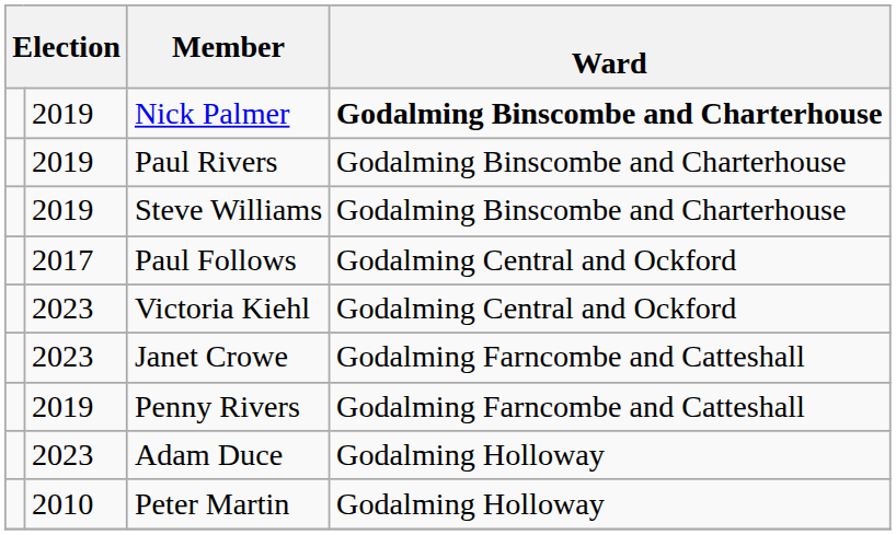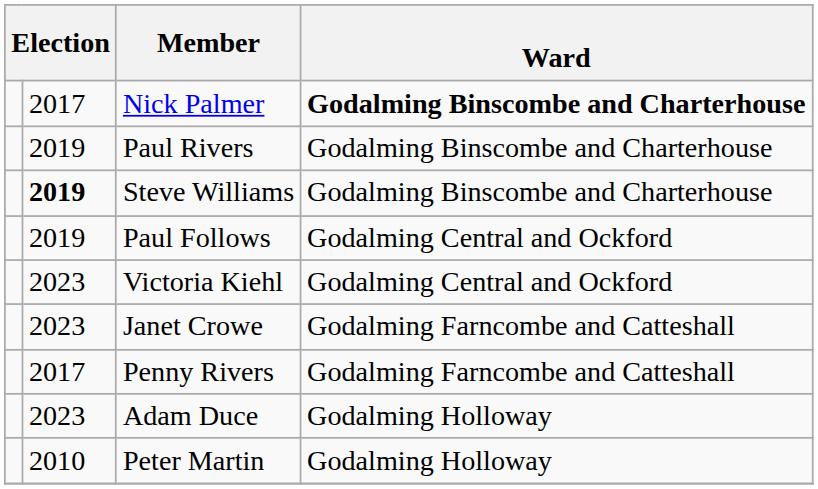 <table class="wikitable">
 <tr>
 <th colspan="2">Election</th>
 <th>Member</th>
 <th><br>Ward</th>
 </tr>
 <tr>
 <td style="background-color: "></td>
-<td>2019</td>
+<td>2017</td>
 <td><a href='#'>Nick Palmer</a></td>
 <td><strong>Godalming Binscombe and Charterhouse</strong></td>
 </tr>
 <tr>
 <td style="background-color: "></td>
 <td>2019</td>
 <td>Paul Rivers</td>
 <td>Godalming Binscombe and Charterhouse</td>
 </tr>
 <tr>
 <td style="background-color: "></td>
-<td>2019</td>
+<td><strong>2019</strong></td>
 <td>Steve Williams</td>
 <td>Godalming Binscombe and Charterhouse</td>
 </tr>
 <tr>
 <td style="background-color: "></td>
-<td>2017</td>
+<td>2019</td>
 <td>Paul Follows</td>
 <td>Godalming Central and Ockford</td>
 </tr>
 <tr>
 <td style="background-color: "></td>
 <td>2023</td>
 <td>Victoria Kiehl</td>
 <td>Godalming Central and Ockford</td>
 </tr>
 <tr>
 <td style="background-color: "></td>
 <td>2023</td>
 <td>Janet Crowe </td>
 <td>Godalming Farncombe and Catteshall</td>
 </tr>
 <tr>
 <td style="background-color: "></td>
-<td>2019</td>
+<td>2017</td>
 <td>Penny Rivers</td>
 <td>Godalming Farncombe and Catteshall</td>
 </tr>
 <tr>
 <td style="background-color: "></td>
 <td>2023</td>
 <td>Adam Duce</td>
 <td>Godalming Holloway</td>
 </tr>
 <tr>
 <td style="background-color: "></td>
 <td>2010</td>
 <td>Peter Martin</td>
 <td>Godalming Holloway</td>
 </tr>
 <tr>
 </tr>
 </table>
